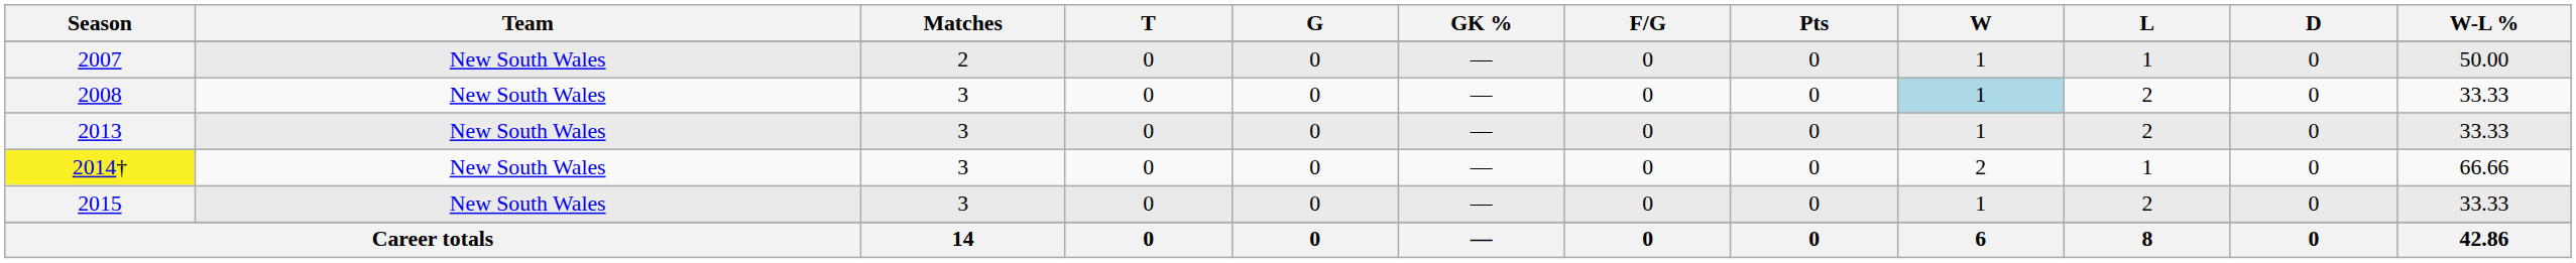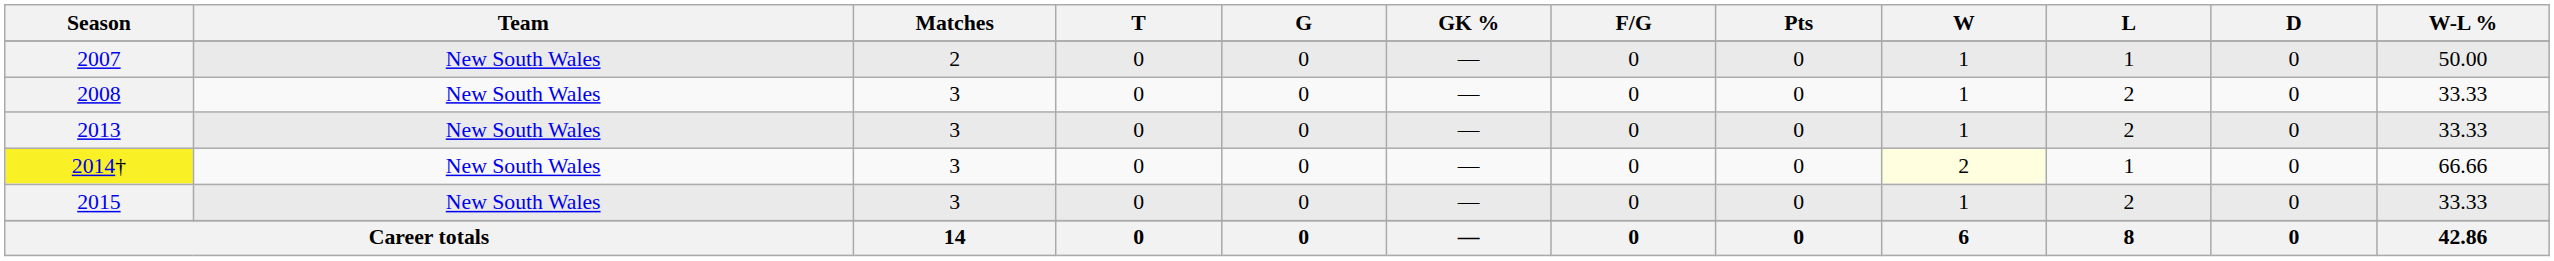 <table class="wikitable sortable"  style="font-size:90%; text-align:center; width:85%;">
 <tr>
 <th width=2%>Season</th>
 <th width=8%>Team</th>
 <th width=2%>Matches</th>
 <th width=2%>T</th>
 <th width=2%>G</th>
 <th width=2%>GK %</th>
 <th width=2%>F/G</th>
 <th width=2%>Pts</th>
 <th width=2%>W</th>
 <th width=2%>L</th>
 <th width=2%>D</th>
 <th width=2%>W-L %</th>
 </tr>
 <tr>
 </tr>
 <tr style="background-color: #EAEAEA">
 <th scope="row" style="text-align:center; font-weight:normal"><a href='#'>2007</a></th>
 <td style="text-align:center;"><a href='#'>New South Wales</a></td>
 <td>2</td>
 <td>0</td>
 <td>0</td>
 <td>—</td>
 <td>0</td>
 <td>0</td>
 <td>1</td>
 <td>1</td>
 <td>0</td>
 <td>50.00</td>
 </tr>
 <tr>
 <th scope="row" style="text-align:center; font-weight:normal"><a href='#'>2008</a></th>
 <td style="text-align:center;"><a href='#'>New South Wales</a></td>
 <td>3</td>
 <td>0</td>
 <td>0</td>
 <td>—</td>
 <td>0</td>
 <td>0</td>
-<td style="background: lightblue;">1</td>
+<td>1</td>
 <td>2</td>
 <td>0</td>
 <td>33.33</td>
 </tr>
 <tr style="background-color: #EAEAEA">
 <th scope="row" style="text-align:center; font-weight:normal"><a href='#'>2013</a></th>
 <td style="text-align:center;"><a href='#'>New South Wales</a></td>
 <td>3</td>
 <td>0</td>
 <td>0</td>
 <td>—</td>
 <td>0</td>
 <td>0</td>
 <td>1</td>
 <td>2</td>
 <td>0</td>
 <td>33.33</td>
 </tr>
 <tr>
 <th scope="row" style="text-align:center;background:#f9f025; font-weight:normal"><a href='#'>2014</a>†</th>
 <td style="text-align:center;"><a href='#'>New South Wales</a></td>
 <td>3</td>
 <td>0</td>
 <td>0</td>
 <td>—</td>
 <td>0</td>
 <td>0</td>
-<td>2</td>
+<td style="background: lightyellow;">2</td>
 <td>1</td>
 <td>0</td>
 <td>66.66</td>
 </tr>
 <tr style="background-color: #EAEAEA">
 <th scope="row" style="text-align:center; font-weight:normal"><a href='#'>2015</a></th>
 <td style="text-align:center;"><a href='#'>New South Wales</a></td>
 <td>3</td>
 <td>0</td>
 <td>0</td>
 <td>—</td>
 <td>0</td>
 <td>0</td>
 <td>1</td>
 <td>2</td>
 <td>0</td>
 <td>33.33</td>
 </tr>
 <tr style="background-color: #EAEAEA">
 </tr>
 <tr class="sortbottom">
 <th colspan=2>Career totals</th>
 <th>14</th>
 <th>0</th>
 <th>0</th>
 <th>—</th>
 <th>0</th>
 <th>0</th>
 <th>6</th>
 <th>8</th>
 <th>0</th>
 <th>42.86</th>
 </tr>
 </table>
